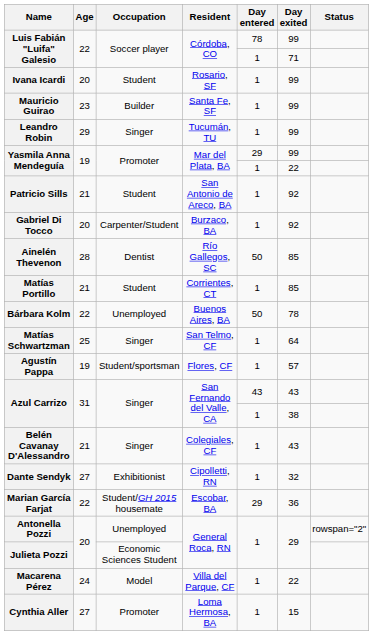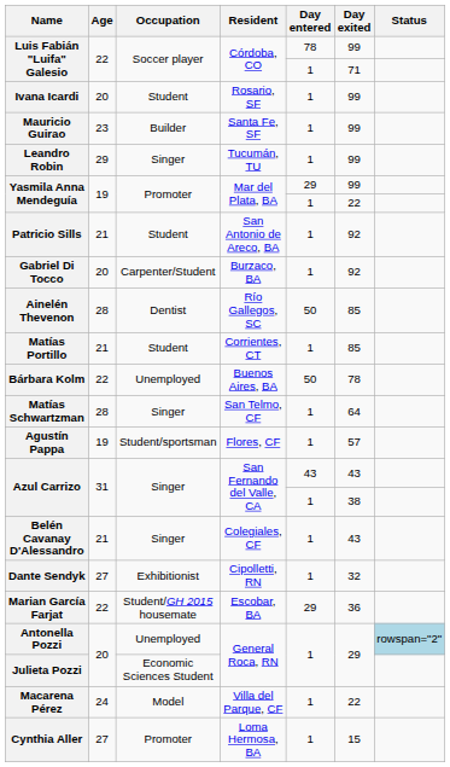 <table class="wikitable sortable" style="text-align:center;">
 <tr>
 <th>Name</th>
 <th>Age</th>
 <th>Occupation</th>
 <th>Resident</th>
 <th>Day entered</th>
 <th>Day exited</th>
 <th>Status</th>
 </tr>
 <tr>
 <th rowspan="2">Luis Fabián "Luifa" Galesio</th>
 <td rowspan="2">22</td>
 <td rowspan="2">Soccer player</td>
 <td rowspan="2"><a href='#'>Córdoba</a>, <a href='#'>CO</a></td>
 <td>78</td>
 <td>99</td>
 <td></td>
 </tr>
 <tr>
 <td>1</td>
 <td>71</td>
 <td></td>
 </tr>
 <tr>
 <th>Ivana Icardi</th>
 <td>20</td>
 <td>Student</td>
 <td><a href='#'>Rosario</a>, <a href='#'>SF</a></td>
 <td>1</td>
 <td>99</td>
 <td></td>
 </tr>
 <tr>
 <th>Mauricio Guirao</th>
 <td>23</td>
 <td>Builder</td>
 <td><a href='#'>Santa Fe</a>, <a href='#'>SF</a></td>
 <td>1</td>
 <td>99</td>
 <td></td>
 </tr>
 <tr>
 <th>Leandro Robin</th>
 <td>29</td>
 <td>Singer</td>
 <td><a href='#'>Tucumán</a>, <a href='#'>TU</a></td>
 <td>1</td>
 <td>99</td>
 <td></td>
 </tr>
 <tr>
 <th rowspan="2">Yasmila Anna Mendeguía</th>
 <td rowspan="2">19</td>
 <td rowspan="2">Promoter</td>
 <td rowspan="2"><a href='#'>Mar del Plata</a>, <a href='#'>BA</a></td>
 <td>29</td>
 <td>99</td>
 <td></td>
 </tr>
 <tr>
 <td>1</td>
 <td>22</td>
 <td></td>
 </tr>
 <tr>
 <th>Patricio Sills</th>
 <td>21</td>
 <td>Student</td>
 <td><a href='#'>San Antonio de Areco</a>, <a href='#'>BA</a></td>
 <td>1</td>
 <td>92</td>
 <td></td>
 </tr>
 <tr>
 <th>Gabriel Di Tocco</th>
 <td>20</td>
 <td>Carpenter/Student</td>
 <td><a href='#'>Burzaco</a>, <a href='#'>BA</a></td>
 <td>1</td>
 <td>92</td>
 <td></td>
 </tr>
 <tr>
 <th>Ainelén Thevenon</th>
 <td>28</td>
 <td>Dentist</td>
 <td><a href='#'>Río Gallegos</a>, <a href='#'>SC</a></td>
 <td>50</td>
 <td>85</td>
 <td></td>
 </tr>
 <tr>
 <th>Matías Portillo</th>
 <td>21</td>
 <td>Student</td>
 <td><a href='#'>Corrientes</a>, <a href='#'>CT</a></td>
 <td>1</td>
 <td>85</td>
 <td></td>
 </tr>
 <tr>
 <th>Bárbara Kolm</th>
 <td>22</td>
 <td>Unemployed</td>
 <td><a href='#'>Buenos Aires</a>, <a href='#'>BA</a></td>
 <td>50</td>
 <td>78</td>
 <td></td>
 </tr>
 <tr>
 <th>Matías Schwartzman</th>
-<td>25</td>
+<td>28</td>
 <td>Singer</td>
 <td><a href='#'>San Telmo</a>, <a href='#'>CF</a></td>
 <td>1</td>
 <td>64</td>
 <td></td>
 </tr>
 <tr>
 <th>Agustín Pappa</th>
 <td>19</td>
 <td>Student/sportsman</td>
 <td><a href='#'>Flores</a>, <a href='#'>CF</a></td>
 <td>1</td>
 <td>57</td>
 <td></td>
 </tr>
 <tr>
 <th rowspan="2">Azul Carrizo</th>
 <td rowspan="2">31</td>
 <td rowspan="2">Singer</td>
 <td rowspan="2"><a href='#'>San Fernando del Valle</a>, <a href='#'>CA</a></td>
 <td>43</td>
 <td>43</td>
 <td></td>
 </tr>
 <tr>
 <td>1</td>
 <td>38</td>
 <td></td>
 </tr>
 <tr>
 <th><strong>Belén</strong> Cavanay D'Alessandro</th>
 <td>21</td>
 <td>Singer</td>
 <td><a href='#'>Colegiales</a>, <a href='#'>CF</a></td>
 <td>1</td>
 <td>43</td>
 <td></td>
 </tr>
 <tr>
 <th>Dante Sendyk</th>
 <td>27</td>
 <td>Exhibitionist</td>
 <td><a href='#'>Cipolletti</a>, <a href='#'>RN</a></td>
 <td>1</td>
 <td>32</td>
 <td></td>
 </tr>
 <tr>
 <th>Marian García Farjat</th>
 <td>22</td>
 <td>Student/<em><a href='#'>GH 2015</a></em> housemate</td>
 <td><a href='#'>Escobar</a>, <a href='#'>BA</a></td>
 <td>29</td>
 <td>36</td>
 <td></td>
 </tr>
 <tr>
 <th><strong>Antonella Pozzi</strong></th>
 <td rowspan="2">20</td>
 <td>Unemployed</td>
 <td rowspan="2"><a href='#'>General Roca</a>, <a href='#'>RN</a></td>
 <td rowspan="2">1</td>
 <td rowspan="2">29</td>
-<td>rowspan="2" </td>
+<td style="background: lightblue;">rowspan="2" </td>
 </tr>
 <tr>
 <th>Julieta Pozzi</th>
 <td>Economic Sciences Student</td>
 </tr>
 <tr>
 <th>Macarena Pérez</th>
 <td>24</td>
 <td>Model</td>
 <td><a href='#'>Villa del Parque</a>, <a href='#'>CF</a></td>
 <td>1</td>
 <td>22</td>
 <td></td>
 </tr>
 <tr>
 <th>Cynthia Aller</th>
 <td>27</td>
 <td>Promoter</td>
 <td><a href='#'>Loma Hermosa</a>, <a href='#'>BA</a></td>
 <td>1</td>
 <td>15</td>
 <td></td>
 </tr>
 </table>
